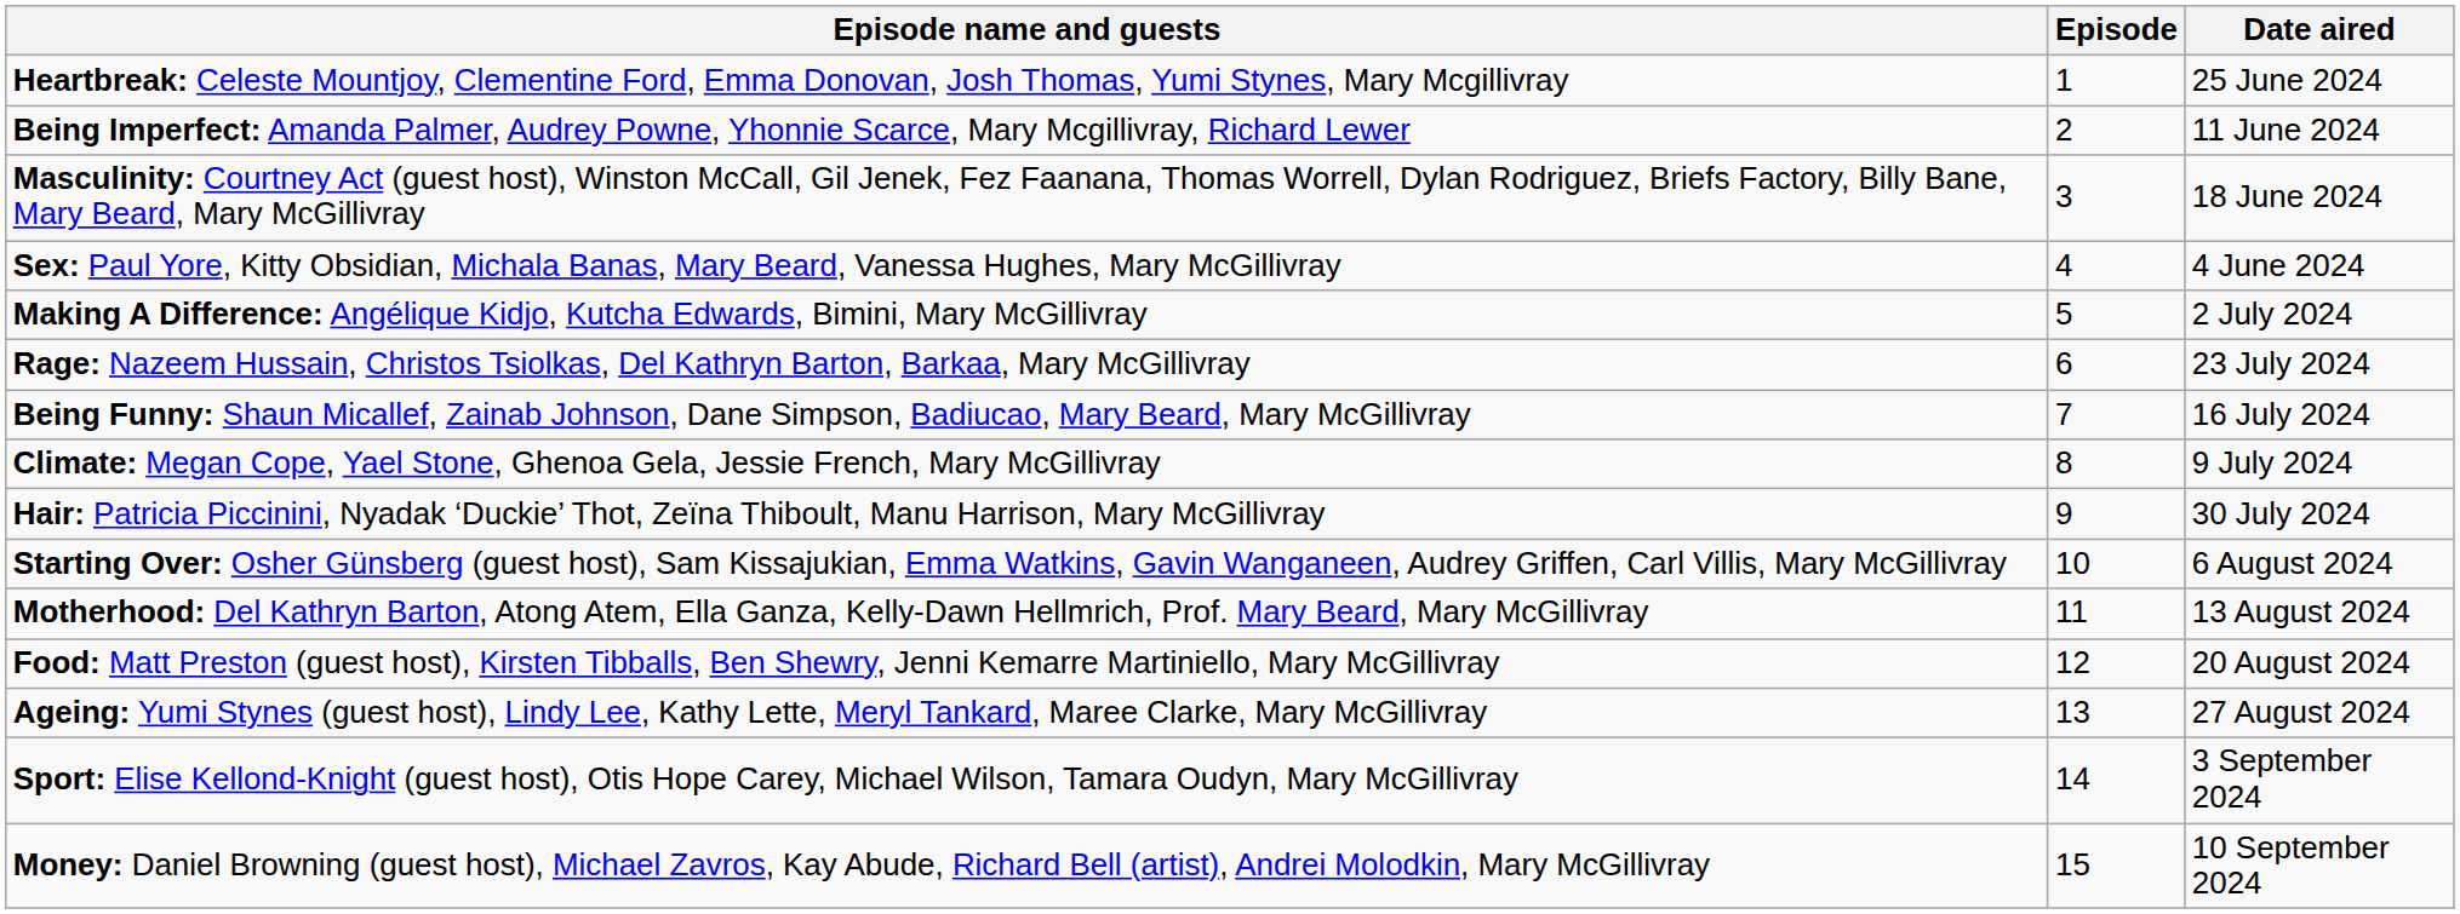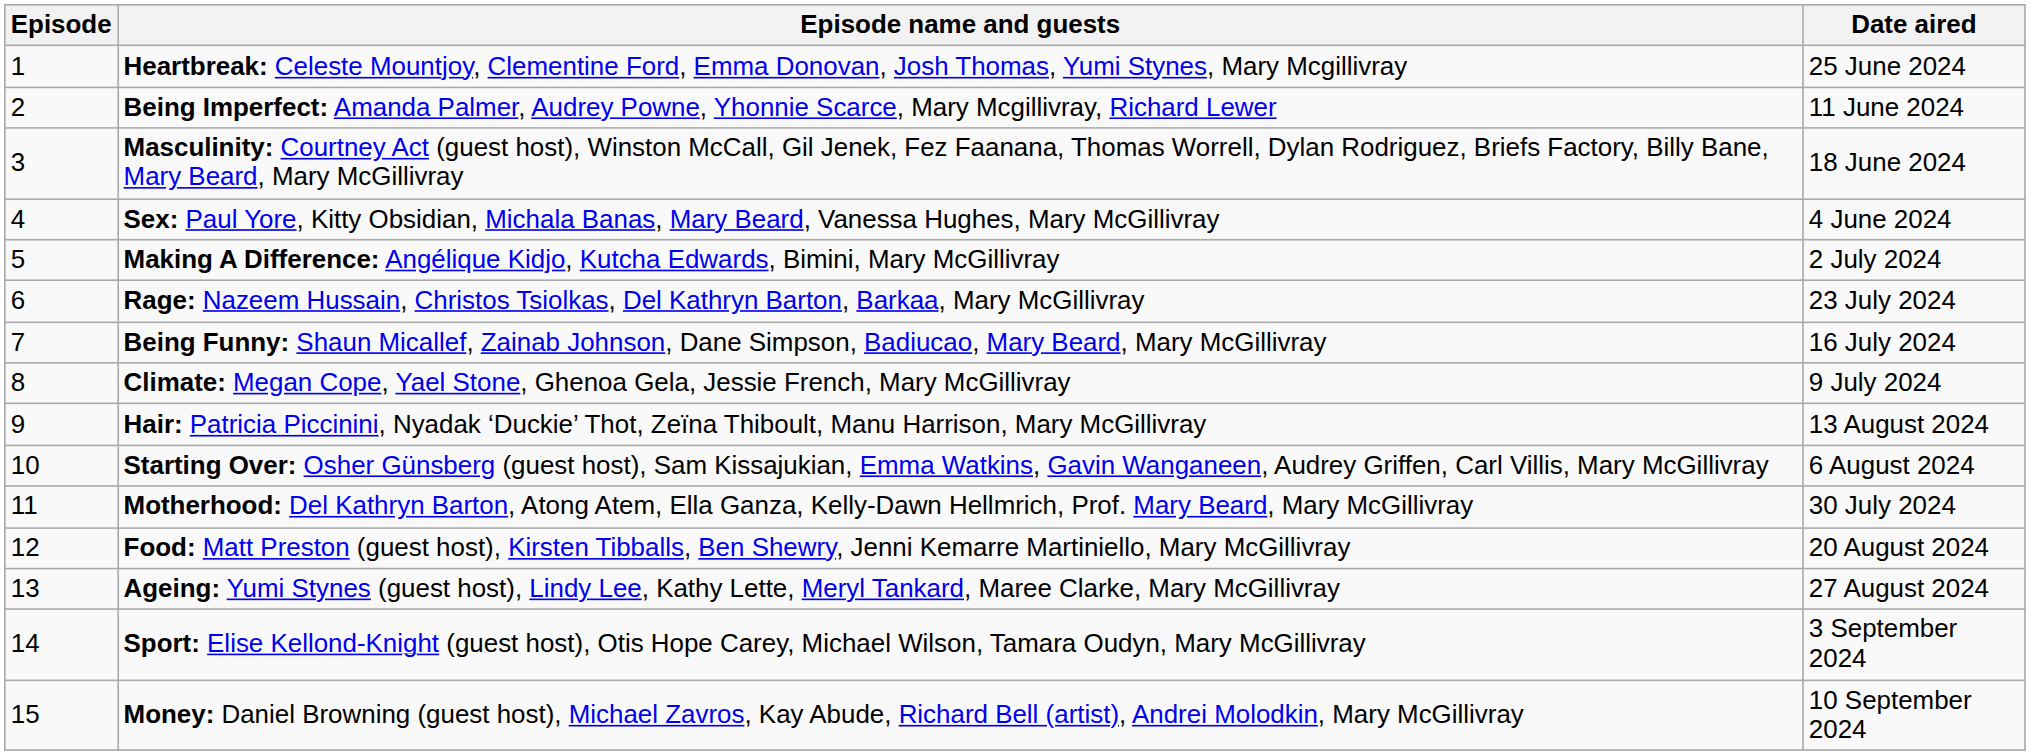 <table class="wikitable sortable">
 <tr>
+<th>Episode</th>
 <th>Episode name and guests</th>
-<th>Episode</th>
 <th>Date aired</th>
 </tr>
 <tr>
+<td>1</td>
 <td><strong>Heartbreak:</strong> <a href='#'>Celeste Mountjoy</a>, <a href='#'>Clementine Ford</a>, <a href='#'>Emma Donovan</a>, <a href='#'>Josh Thomas</a>, <a href='#'>Yumi Stynes</a>, Mary Mcgillivray</td>
-<td>1</td>
 <td>25 June 2024</td>
 </tr>
 <tr>
+<td>2</td>
 <td><strong>Being Imperfect:</strong> <a href='#'>Amanda Palmer</a>, <a href='#'>Audrey Powne</a>, <a href='#'>Yhonnie Scarce</a>, Mary Mcgillivray, <a href='#'>Richard Lewer</a></td>
-<td>2</td>
 <td>11 June 2024</td>
 </tr>
 <tr>
+<td>3</td>
 <td><strong>Masculinity:</strong> <a href='#'>Courtney Act</a> (guest host), Winston McCall, Gil Jenek, Fez Faanana, Thomas Worrell, Dylan Rodriguez, Briefs Factory, Billy Bane, <a href='#'>Mary Beard</a>, Mary McGillivray</td>
-<td>3</td>
 <td>18 June 2024</td>
 </tr>
 <tr>
+<td>4</td>
 <td><strong>Sex:</strong> <a href='#'>Paul Yore</a>, Kitty Obsidian, <a href='#'>Michala Banas</a>, <a href='#'>Mary Beard</a>, Vanessa Hughes, Mary McGillivray</td>
-<td>4</td>
 <td>4 June 2024</td>
 </tr>
 <tr>
+<td>5</td>
 <td><strong>Making A Difference:</strong> <a href='#'>Angélique Kidjo</a>, <a href='#'>Kutcha Edwards</a>, Bimini, Mary McGillivray</td>
-<td>5</td>
 <td>2 July 2024</td>
 </tr>
 <tr>
+<td>6</td>
 <td><strong>Rage:</strong> <a href='#'>Nazeem Hussain</a>, <a href='#'>Christos Tsiolkas</a>, <a href='#'>Del Kathryn Barton</a>, <a href='#'>Barkaa</a>, Mary McGillivray</td>
-<td>6</td>
 <td>23 July 2024</td>
 </tr>
 <tr>
+<td>7</td>
 <td><strong>Being Funny:</strong> <a href='#'>Shaun Micallef</a>, <a href='#'>Zainab Johnson</a>, Dane Simpson, <a href='#'>Badiucao</a>, <a href='#'>Mary Beard</a>, Mary McGillivray</td>
-<td>7</td>
 <td>16 July 2024</td>
 </tr>
 <tr>
+<td>8</td>
 <td><strong>Climate:</strong> <a href='#'>Megan Cope</a>, <a href='#'>Yael Stone</a>, Ghenoa Gela, Jessie French, Mary McGillivray</td>
-<td>8</td>
 <td>9 July 2024</td>
 </tr>
 <tr>
+<td>9</td>
 <td><strong>Hair:</strong> <a href='#'>Patricia Piccinini</a>, Nyadak ‘Duckie’ Thot, Zeïna Thiboult, Manu Harrison, Mary McGillivray</td>
-<td>9</td>
+<td>13 August 2024</td>
+</tr>
+<tr>
+<td>10</td>
+<td><strong>Starting Over:</strong> <a href='#'>Osher Günsberg</a> (guest host), Sam Kissajukian, <a href='#'>Emma Watkins</a>, <a href='#'>Gavin Wanganeen</a>, Audrey Griffen, Carl Villis, Mary McGillivray</td>
+<td>6 August 2024</td>
+</tr>
+<tr>
+<td>11</td>
+<td><strong>Motherhood:</strong> <a href='#'>Del Kathryn Barton</a>, Atong Atem, Ella Ganza, Kelly-Dawn Hellmrich, Prof. <a href='#'>Mary Beard</a>, Mary McGillivray</td>
 <td>30 July 2024</td>
 </tr>
 <tr>
-<td><strong>Starting Over:</strong> <a href='#'>Osher Günsberg</a> (guest host), Sam Kissajukian, <a href='#'>Emma Watkins</a>, <a href='#'>Gavin Wanganeen</a>, Audrey Griffen, Carl Villis, Mary McGillivray</td>
-<td>10</td>
-<td>6 August 2024</td>
-</tr>
-<tr>
-<td><strong>Motherhood:</strong> <a href='#'>Del Kathryn Barton</a>, Atong Atem, Ella Ganza, Kelly-Dawn Hellmrich, Prof. <a href='#'>Mary Beard</a>, Mary McGillivray</td>
-<td>11</td>
-<td>13 August 2024</td>
-</tr>
-<tr>
+<td>12</td>
 <td><strong>Food:</strong> <a href='#'>Matt Preston</a> (guest host), <a href='#'>Kirsten Tibballs</a>, <a href='#'>Ben Shewry</a>, Jenni Kemarre Martiniello, Mary McGillivray</td>
-<td>12</td>
 <td>20 August 2024</td>
 </tr>
 <tr>
+<td>13</td>
 <td><strong>Ageing:</strong> <a href='#'>Yumi Stynes</a> (guest host), <a href='#'>Lindy Lee</a>, Kathy Lette, <a href='#'>Meryl Tankard</a>, Maree Clarke, Mary McGillivray</td>
-<td>13</td>
 <td>27 August 2024</td>
 </tr>
 <tr>
+<td>14</td>
 <td><strong>Sport:</strong> <a href='#'>Elise Kellond-Knight</a> (guest host), Otis Hope Carey, Michael Wilson, Tamara Oudyn, Mary McGillivray</td>
-<td>14</td>
 <td>3 September 2024</td>
 </tr>
 <tr>
+<td>15</td>
 <td><strong>Money:</strong> Daniel Browning (guest host), <a href='#'>Michael Zavros</a>, Kay Abude, <a href='#'>Richard Bell (artist)</a>, <a href='#'>Andrei Molodkin</a>, Mary McGillivray</td>
-<td>15</td>
 <td>10 September 2024</td>
 </tr>
 </table>
